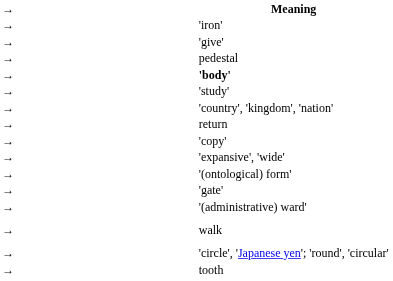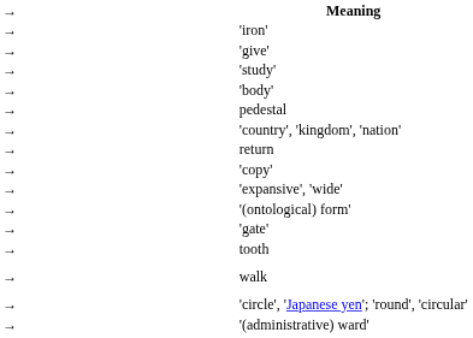 <table>
 <tr>
 <th width=20></th>
 <th>→</th>
 <th width=20></th>
 <th width=70></th>
 <th width=140></th>
 <th>Meaning</th>
 </tr>
 <tr align=center>
 <td></td>
 <td>→</td>
 <td></td>
 <td> </td>
 <td> </td>
 <td align=left> 'iron'</td>
 </tr>
 <tr align=center>
 <td></td>
 <td>→</td>
 <td></td>
 <td> </td>
 <td> </td>
 <td align=left> 'give'</td>
 </tr>
 <tr align=center>
 <td></td>
 <td>→</td>
 <td></td>
 <td> </td>
 <td> </td>
-<td align=left> pedestal</td>
+<td align=left> 'study'</td>
 </tr>
 <tr align=center>
 <td></td>
 <td>→</td>
 <td></td>
 <td> </td>
 <td> </td>
-<td align=left><strong> 'body'</strong></td>
+<td align=left> 'body'</td>
 </tr>
 <tr align=center>
 <td></td>
 <td>→</td>
 <td></td>
 <td> </td>
 <td></td>
-<td align=left> 'study'</td>
+<td align=left> pedestal</td>
 </tr>
 <tr align=center>
 <td></td>
 <td>→</td>
 <td></td>
 <td> </td>
 <td> </td>
 <td align=left> 'country', 'kingdom', 'nation'</td>
 </tr>
 <tr align=center>
 <td></td>
 <td>→</td>
 <td></td>
 <td> </td>
 <td> </td>
 <td align=left> return</td>
 </tr>
 <tr align=center>
 <td></td>
 <td>→</td>
 <td></td>
 <td> </td>
 <td> </td>
 <td align=left> 'copy'</td>
 </tr>
 <tr align=center>
 <td></td>
 <td>→</td>
 <td></td>
 <td> </td>
 <td> </td>
 <td align=left> 'expansive', 'wide'</td>
 </tr>
 <tr align=center>
 <td></td>
 <td>→</td>
 <td></td>
 <td> </td>
 <td></td>
 <td align=left> '(ontological) form'</td>
 </tr>
 <tr align=center>
 <td></td>
 <td>→</td>
 <td></td>
 <td> </td>
 <td> </td>
 <td align=left> 'gate'</td>
 </tr>
 <tr align=center>
 <td></td>
 <td>→</td>
 <td></td>
 <td> </td>
 <td> </td>
-<td align=left> '(administrative) ward'</td>
+<td align=left> tooth</td>
 </tr>
 <tr align=center>
 <td></td>
 <td>→</td>
 <td></td>
 <td> <br> <br> </td>
 <td> </td>
 <td align=left> walk</td>
 </tr>
 <tr align=center>
 <td></td>
 <td>→</td>
 <td></td>
 <td> </td>
 <td> </td>
 <td align=left> 'circle', '<a href='#'>Japanese yen</a>';  'round', 'circular'</td>
 </tr>
 <tr align=center>
 <td></td>
 <td>→</td>
 <td></td>
 <td> </td>
 <td> </td>
-<td align=left> tooth</td>
+<td align=left> '(administrative) ward'</td>
 </tr>
 </table>
